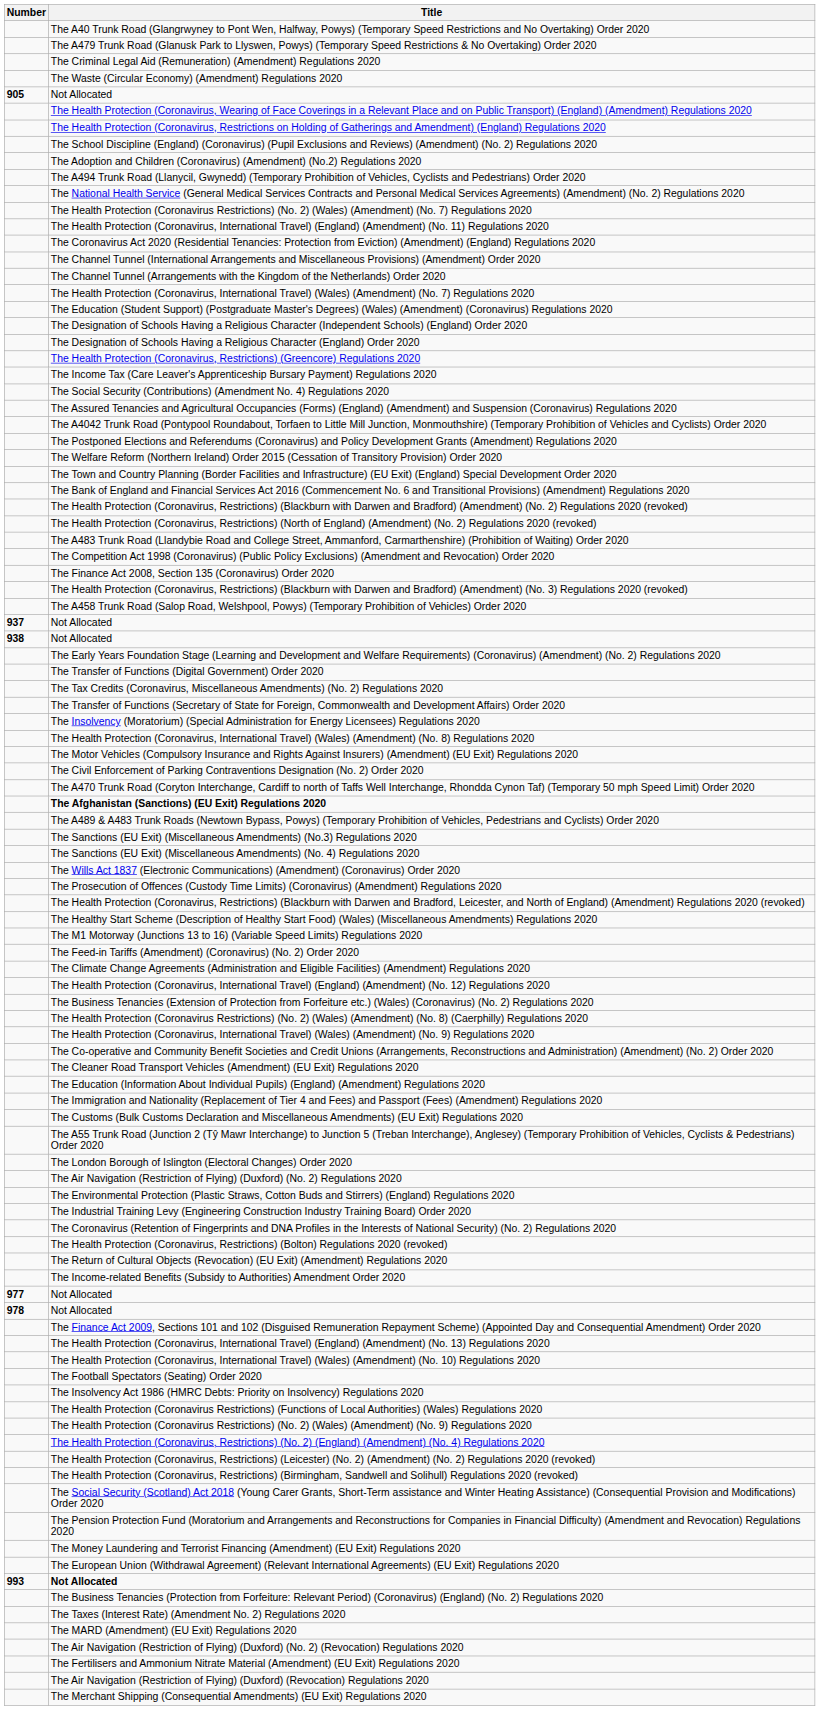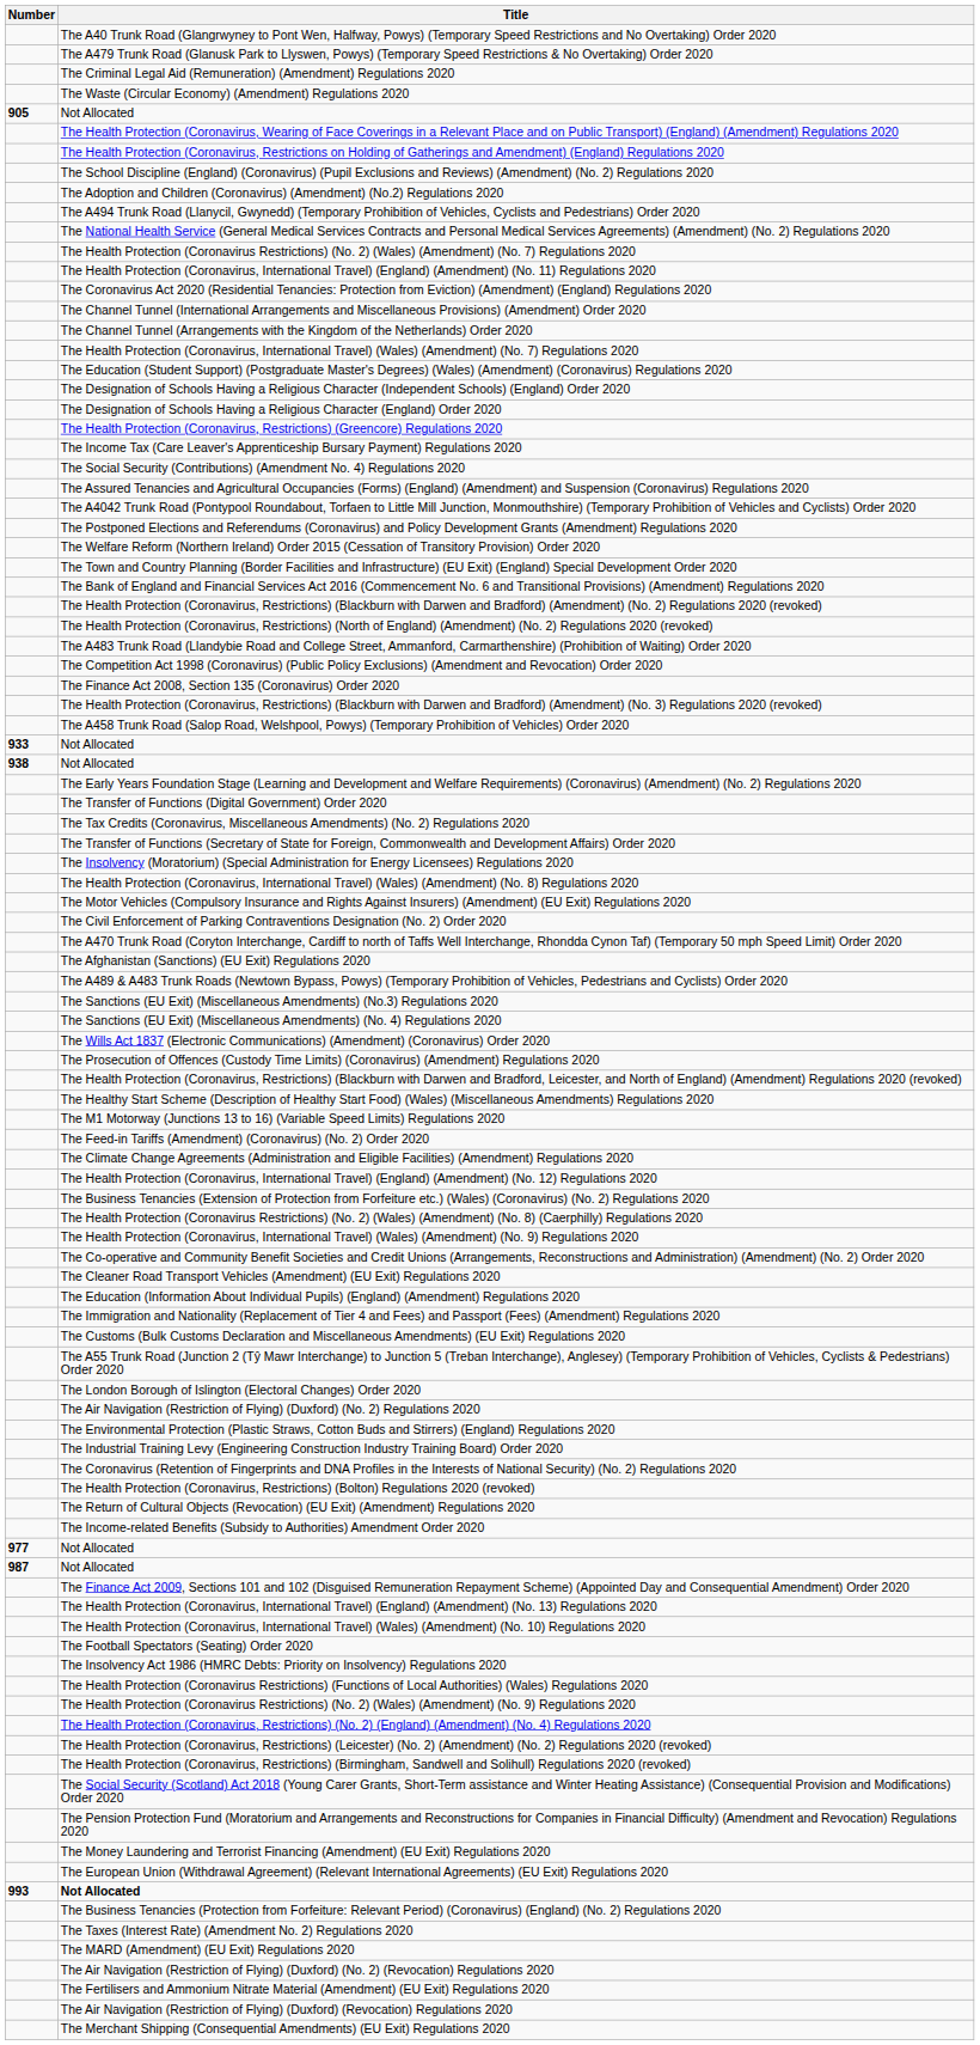 <table class="wikitable collapsible">
 <tr>
 <th>Number</th>
 <th>Title</th>
 </tr>
 <tr>
 <td></td>
 <td>The A40 Trunk Road (Glangrwyney to Pont Wen, Halfway, Powys) (Temporary Speed Restrictions and No Overtaking) Order 2020</td>
 </tr>
 <tr>
 <td></td>
 <td>The A479 Trunk Road (Glanusk Park to Llyswen, Powys) (Temporary Speed Restrictions & No Overtaking) Order 2020</td>
 </tr>
 <tr>
 <td></td>
 <td>The Criminal Legal Aid (Remuneration) (Amendment) Regulations 2020</td>
 </tr>
 <tr>
 <td></td>
 <td>The Waste (Circular Economy) (Amendment) Regulations 2020</td>
 </tr>
 <tr>
 <td><strong>905</strong></td>
 <td>Not Allocated</td>
 </tr>
 <tr>
 <td></td>
 <td><a href='#'>The Health Protection (Coronavirus, Wearing of Face Coverings in a Relevant Place and on Public Transport) (England) (Amendment) Regulations 2020</a></td>
 </tr>
 <tr>
 <td></td>
 <td><a href='#'>The Health Protection (Coronavirus, Restrictions on Holding of Gatherings and Amendment) (England) Regulations 2020</a></td>
 </tr>
 <tr>
 <td></td>
 <td>The School Discipline (England) (Coronavirus) (Pupil Exclusions and Reviews) (Amendment) (No. 2) Regulations 2020</td>
 </tr>
 <tr>
 <td></td>
 <td>The Adoption and Children (Coronavirus) (Amendment) (No.2) Regulations 2020</td>
 </tr>
 <tr>
 <td></td>
 <td>The A494 Trunk Road (Llanycil, Gwynedd) (Temporary Prohibition of Vehicles, Cyclists and Pedestrians) Order 2020</td>
 </tr>
 <tr>
 <td></td>
 <td>The <a href='#'>National Health Service</a> (General Medical Services Contracts and Personal Medical Services Agreements) (Amendment) (No. 2) Regulations 2020</td>
 </tr>
 <tr>
 <td></td>
 <td>The Health Protection (Coronavirus Restrictions) (No. 2) (Wales) (Amendment) (No. 7) Regulations 2020</td>
 </tr>
 <tr>
 <td></td>
 <td>The Health Protection (Coronavirus, International Travel) (England) (Amendment) (No. 11) Regulations 2020</td>
 </tr>
 <tr>
 <td></td>
 <td>The Coronavirus Act 2020 (Residential Tenancies: Protection from Eviction) (Amendment) (England) Regulations 2020</td>
 </tr>
 <tr>
 <td></td>
 <td>The Channel Tunnel (International Arrangements and Miscellaneous Provisions) (Amendment) Order 2020</td>
 </tr>
 <tr>
 <td></td>
 <td>The Channel Tunnel (Arrangements with the Kingdom of the Netherlands) Order 2020</td>
 </tr>
 <tr>
 <td></td>
 <td>The Health Protection (Coronavirus, International Travel) (Wales) (Amendment) (No. 7) Regulations 2020</td>
 </tr>
 <tr>
 <td></td>
 <td>The Education (Student Support) (Postgraduate Master's Degrees) (Wales) (Amendment) (Coronavirus) Regulations 2020</td>
 </tr>
 <tr>
 <td></td>
 <td>The Designation of Schools Having a Religious Character (Independent Schools) (England) Order 2020</td>
 </tr>
 <tr>
 <td></td>
 <td>The Designation of Schools Having a Religious Character (England) Order 2020</td>
 </tr>
 <tr>
 <td></td>
 <td><a href='#'>The Health Protection (Coronavirus, Restrictions) (Greencore) Regulations 2020</a></td>
 </tr>
 <tr>
 <td></td>
 <td>The Income Tax (Care Leaver's Apprenticeship Bursary Payment) Regulations 2020</td>
 </tr>
 <tr>
 <td></td>
 <td>The Social Security (Contributions) (Amendment No. 4) Regulations 2020</td>
 </tr>
 <tr>
 <td></td>
 <td>The Assured Tenancies and Agricultural Occupancies (Forms) (England) (Amendment) and Suspension (Coronavirus) Regulations 2020</td>
 </tr>
 <tr>
 <td></td>
 <td>The A4042 Trunk Road (Pontypool Roundabout, Torfaen to Little Mill Junction, Monmouthshire) (Temporary Prohibition of Vehicles and Cyclists) Order 2020</td>
 </tr>
 <tr>
 <td></td>
 <td>The Postponed Elections and Referendums (Coronavirus) and Policy Development Grants (Amendment) Regulations 2020</td>
 </tr>
 <tr>
 <td></td>
 <td>The Welfare Reform (Northern Ireland) Order 2015 (Cessation of Transitory Provision) Order 2020</td>
 </tr>
 <tr>
 <td></td>
 <td>The Town and Country Planning (Border Facilities and Infrastructure) (EU Exit) (England) Special Development Order 2020</td>
 </tr>
 <tr>
 <td></td>
 <td>The Bank of England and Financial Services Act 2016 (Commencement No. 6 and Transitional Provisions) (Amendment) Regulations 2020</td>
 </tr>
 <tr>
 <td></td>
 <td>The Health Protection (Coronavirus, Restrictions) (Blackburn with Darwen and Bradford) (Amendment) (No. 2) Regulations 2020 (revoked)</td>
 </tr>
 <tr>
 <td></td>
 <td>The Health Protection (Coronavirus, Restrictions) (North of England) (Amendment) (No. 2) Regulations 2020 (revoked)</td>
 </tr>
 <tr>
 <td></td>
 <td>The A483 Trunk Road (Llandybie Road and College Street, Ammanford, Carmarthenshire) (Prohibition of Waiting) Order 2020</td>
 </tr>
 <tr>
 <td></td>
 <td>The Competition Act 1998 (Coronavirus) (Public Policy Exclusions) (Amendment and Revocation) Order 2020</td>
 </tr>
 <tr>
 <td></td>
 <td>The Finance Act 2008, Section 135 (Coronavirus) Order 2020</td>
 </tr>
 <tr>
 <td></td>
 <td>The Health Protection (Coronavirus, Restrictions) (Blackburn with Darwen and Bradford) (Amendment) (No. 3) Regulations 2020 (revoked)</td>
 </tr>
 <tr>
 <td></td>
 <td>The A458 Trunk Road (Salop Road, Welshpool, Powys) (Temporary Prohibition of Vehicles) Order 2020</td>
 </tr>
 <tr>
-<td><strong>937</strong></td>
+<td><strong>933</strong></td>
 <td>Not Allocated</td>
 </tr>
 <tr>
 <td><strong>938</strong></td>
 <td>Not Allocated</td>
 </tr>
 <tr>
 <td></td>
 <td>The Early Years Foundation Stage (Learning and Development and Welfare Requirements) (Coronavirus) (Amendment) (No. 2) Regulations 2020</td>
 </tr>
 <tr>
 <td></td>
 <td>The Transfer of Functions (Digital Government) Order 2020</td>
 </tr>
 <tr>
 <td></td>
 <td>The Tax Credits (Coronavirus, Miscellaneous Amendments) (No. 2) Regulations 2020</td>
 </tr>
 <tr>
 <td></td>
 <td>The Transfer of Functions (Secretary of State for Foreign, Commonwealth and Development Affairs) Order 2020</td>
 </tr>
 <tr>
 <td></td>
 <td>The <a href='#'>Insolvency</a> (Moratorium) (Special Administration for Energy Licensees) Regulations 2020</td>
 </tr>
 <tr>
 <td></td>
 <td>The Health Protection (Coronavirus, International Travel) (Wales) (Amendment) (No. 8) Regulations 2020</td>
 </tr>
 <tr>
 <td></td>
 <td>The Motor Vehicles (Compulsory Insurance and Rights Against Insurers) (Amendment) (EU Exit) Regulations 2020</td>
 </tr>
 <tr>
 <td></td>
 <td>The Civil Enforcement of Parking Contraventions Designation (No. 2) Order 2020</td>
 </tr>
 <tr>
 <td></td>
 <td>The A470 Trunk Road (Coryton Interchange, Cardiff to north of Taffs Well Interchange, Rhondda Cynon Taf) (Temporary 50 mph Speed Limit) Order 2020</td>
 </tr>
 <tr>
 <td></td>
-<td><strong>The Afghanistan (Sanctions) (EU Exit) Regulations 2020</strong></td>
+<td>The Afghanistan (Sanctions) (EU Exit) Regulations 2020</td>
 </tr>
 <tr>
 <td></td>
 <td>The A489 & A483 Trunk Roads (Newtown Bypass, Powys) (Temporary Prohibition of Vehicles, Pedestrians and Cyclists) Order 2020</td>
 </tr>
 <tr>
 <td></td>
 <td>The Sanctions (EU Exit) (Miscellaneous Amendments) (No.3) Regulations 2020</td>
 </tr>
 <tr>
 <td></td>
 <td>The Sanctions (EU Exit) (Miscellaneous Amendments) (No. 4) Regulations 2020</td>
 </tr>
 <tr>
 <td></td>
 <td>The <a href='#'>Wills Act 1837</a> (Electronic Communications) (Amendment) (Coronavirus) Order 2020</td>
 </tr>
 <tr>
 <td></td>
 <td>The Prosecution of Offences (Custody Time Limits) (Coronavirus) (Amendment) Regulations 2020</td>
 </tr>
 <tr>
 <td></td>
 <td>The Health Protection (Coronavirus, Restrictions) (Blackburn with Darwen and Bradford, Leicester, and North of England) (Amendment) Regulations 2020 (revoked)</td>
 </tr>
 <tr>
 <td></td>
 <td>The Healthy Start Scheme (Description of Healthy Start Food) (Wales) (Miscellaneous Amendments) Regulations 2020</td>
 </tr>
 <tr>
 <td></td>
 <td>The M1 Motorway (Junctions 13 to 16) (Variable Speed Limits) Regulations 2020</td>
 </tr>
 <tr>
 <td></td>
 <td>The Feed-in Tariffs (Amendment) (Coronavirus) (No. 2) Order 2020</td>
 </tr>
 <tr>
 <td></td>
 <td>The Climate Change Agreements (Administration and Eligible Facilities) (Amendment) Regulations 2020</td>
 </tr>
 <tr>
 <td></td>
 <td>The Health Protection (Coronavirus, International Travel) (England) (Amendment) (No. 12) Regulations 2020</td>
 </tr>
 <tr>
 <td></td>
 <td>The Business Tenancies (Extension of Protection from Forfeiture etc.) (Wales) (Coronavirus) (No. 2) Regulations 2020</td>
 </tr>
 <tr>
 <td></td>
 <td>The Health Protection (Coronavirus Restrictions) (No. 2) (Wales) (Amendment) (No. 8) (Caerphilly) Regulations 2020</td>
 </tr>
 <tr>
 <td></td>
 <td>The Health Protection (Coronavirus, International Travel) (Wales) (Amendment) (No. 9) Regulations 2020</td>
 </tr>
 <tr>
 <td></td>
 <td>The Co-operative and Community Benefit Societies and Credit Unions (Arrangements, Reconstructions and Administration) (Amendment) (No. 2) Order 2020</td>
 </tr>
 <tr>
 <td></td>
 <td>The Cleaner Road Transport Vehicles (Amendment) (EU Exit) Regulations 2020</td>
 </tr>
 <tr>
 <td></td>
 <td>The Education (Information About Individual Pupils) (England) (Amendment) Regulations 2020</td>
 </tr>
 <tr>
 <td></td>
 <td>The Immigration and Nationality (Replacement of Tier 4 and Fees) and Passport (Fees) (Amendment) Regulations 2020</td>
 </tr>
 <tr>
 <td></td>
 <td>The Customs (Bulk Customs Declaration and Miscellaneous Amendments) (EU Exit) Regulations 2020</td>
 </tr>
 <tr>
 <td></td>
 <td>The A55 Trunk Road (Junction 2 (Tŷ Mawr Interchange) to Junction 5 (Treban Interchange), Anglesey) (Temporary Prohibition of Vehicles, Cyclists & Pedestrians) Order 2020</td>
 </tr>
 <tr>
 <td></td>
 <td>The London Borough of Islington (Electoral Changes) Order 2020</td>
 </tr>
 <tr>
 <td></td>
 <td>The Air Navigation (Restriction of Flying) (Duxford) (No. 2) Regulations 2020</td>
 </tr>
 <tr>
 <td></td>
 <td>The Environmental Protection (Plastic Straws, Cotton Buds and Stirrers) (England) Regulations 2020</td>
 </tr>
 <tr>
 <td></td>
 <td>The Industrial Training Levy (Engineering Construction Industry Training Board) Order 2020</td>
 </tr>
 <tr>
 <td></td>
 <td>The Coronavirus (Retention of Fingerprints and DNA Profiles in the Interests of National Security) (No. 2) Regulations 2020</td>
 </tr>
 <tr>
 <td></td>
 <td>The Health Protection (Coronavirus, Restrictions) (Bolton) Regulations 2020 (revoked)</td>
 </tr>
 <tr>
 <td></td>
 <td>The Return of Cultural Objects (Revocation) (EU Exit) (Amendment) Regulations 2020</td>
 </tr>
 <tr>
 <td></td>
 <td>The Income-related Benefits (Subsidy to Authorities) Amendment Order 2020</td>
 </tr>
 <tr>
 <td><strong>977</strong></td>
 <td>Not Allocated</td>
 </tr>
 <tr>
-<td><strong>978</strong></td>
+<td><strong>987</strong></td>
 <td>Not Allocated</td>
 </tr>
 <tr>
 <td></td>
 <td>The <a href='#'>Finance Act 2009</a>, Sections 101 and 102 (Disguised Remuneration Repayment Scheme) (Appointed Day and Consequential Amendment) Order 2020</td>
 </tr>
 <tr>
 <td></td>
 <td>The Health Protection (Coronavirus, International Travel) (England) (Amendment) (No. 13) Regulations 2020</td>
 </tr>
 <tr>
 <td></td>
 <td>The Health Protection (Coronavirus, International Travel) (Wales) (Amendment) (No. 10) Regulations 2020</td>
 </tr>
 <tr>
 <td></td>
 <td>The Football Spectators (Seating) Order 2020</td>
 </tr>
 <tr>
 <td></td>
 <td>The Insolvency Act 1986 (HMRC Debts: Priority on Insolvency) Regulations 2020</td>
 </tr>
 <tr>
 <td></td>
 <td>The Health Protection (Coronavirus Restrictions) (Functions of Local Authorities) (Wales) Regulations 2020</td>
 </tr>
 <tr>
 <td></td>
 <td>The Health Protection (Coronavirus Restrictions) (No. 2) (Wales) (Amendment) (No. 9) Regulations 2020</td>
 </tr>
 <tr>
 <td></td>
 <td><a href='#'>The Health Protection (Coronavirus, Restrictions) (No. 2) (England) (Amendment) (No. 4) Regulations 2020</a></td>
 </tr>
 <tr>
 <td></td>
 <td>The Health Protection (Coronavirus, Restrictions) (Leicester) (No. 2) (Amendment) (No. 2) Regulations 2020 (revoked)</td>
 </tr>
 <tr>
 <td></td>
 <td>The Health Protection (Coronavirus, Restrictions) (Birmingham, Sandwell and Solihull) Regulations 2020 (revoked)</td>
 </tr>
 <tr>
 <td></td>
 <td>The <a href='#'>Social Security (Scotland) Act 2018</a> (Young Carer Grants, Short-Term  assistance and Winter Heating Assistance) (Consequential Provision and Modifications) Order 2020</td>
 </tr>
 <tr>
 <td></td>
 <td>The Pension Protection Fund (Moratorium and Arrangements and Reconstructions for Companies in Financial Difficulty) (Amendment and Revocation) Regulations 2020</td>
 </tr>
 <tr>
 <td></td>
 <td>The Money Laundering and Terrorist Financing (Amendment) (EU Exit) Regulations 2020</td>
 </tr>
 <tr>
 <td></td>
 <td>The European Union (Withdrawal Agreement) (Relevant International Agreements) (EU Exit) Regulations 2020</td>
 </tr>
 <tr>
 <td><strong>993</strong></td>
 <td><strong>Not Allocated</strong></td>
 </tr>
 <tr>
 <td></td>
 <td>The Business Tenancies (Protection from Forfeiture: Relevant Period) (Coronavirus) (England) (No. 2) Regulations 2020</td>
 </tr>
 <tr>
 <td></td>
 <td>The Taxes (Interest Rate) (Amendment No. 2) Regulations 2020</td>
 </tr>
 <tr>
 <td></td>
 <td>The MARD (Amendment) (EU Exit) Regulations 2020</td>
 </tr>
 <tr>
 <td></td>
 <td>The Air Navigation (Restriction of Flying) (Duxford) (No. 2) (Revocation) Regulations 2020</td>
 </tr>
 <tr>
 <td></td>
 <td>The Fertilisers and Ammonium Nitrate Material (Amendment) (EU Exit) Regulations 2020</td>
 </tr>
 <tr>
 <td></td>
 <td>The Air Navigation (Restriction of Flying) (Duxford) (Revocation) Regulations 2020</td>
 </tr>
 <tr>
 <td></td>
 <td>The Merchant Shipping (Consequential Amendments) (EU Exit) Regulations 2020</td>
 </tr>
 </table>
